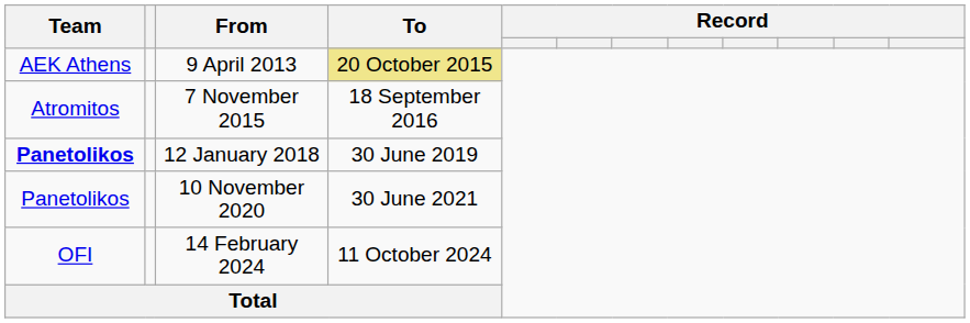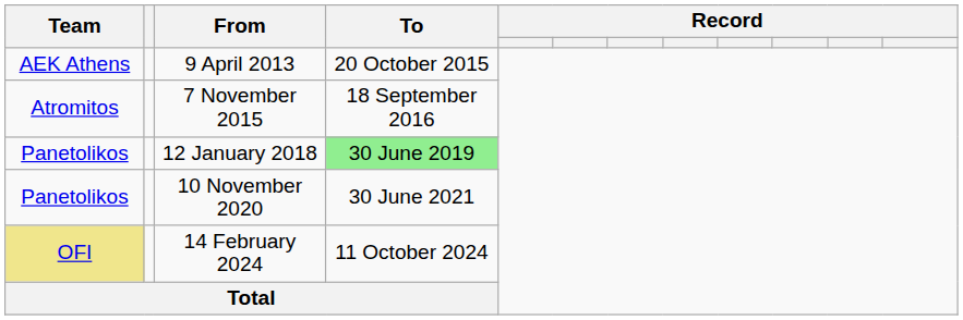 <table class="wikitable" style="text-align: center">
 <tr>
 <th rowspan=2 width="100">Team</th>
 <th rowspan=2></th>
 <th rowspan=2 width="125">From</th>
 <th rowspan=2 width="125">To</th>
 <th colspan=8>Record</th>
 </tr>
 <tr>
 <th width="35"></th>
 <th width="35"></th>
 <th width="35"></th>
 <th width="35"></th>
 <th width="35"></th>
 <th width="35"></th>
 <th width="35"></th>
 <th width="50"></th>
 </tr>
 <tr>
 <td><a href='#'>AEK Athens</a></td>
 <td></td>
 <td>9 April 2013</td>
-<td style="background: khaki;">20 October 2015<br></td>
+<td>20 October 2015<br></td>
 </tr>
 <tr>
 <td><a href='#'>Atromitos</a></td>
 <td></td>
 <td>7 November 2015</td>
 <td>18 September 2016<br></td>
 </tr>
 <tr>
-<td><strong><a href='#'>Panetolikos</a></strong></td>
+<td><a href='#'>Panetolikos</a></td>
 <td></td>
 <td>12 January 2018</td>
-<td>30 June 2019<br></td>
+<td style="background: lightgreen;">30 June 2019<br></td>
 </tr>
 <tr>
 <td><a href='#'>Panetolikos</a></td>
 <td></td>
 <td>10 November 2020</td>
 <td>30 June 2021<br></td>
 </tr>
 <tr>
-<td><a href='#'>OFI</a></td>
+<td style="background: khaki;"><a href='#'>OFI</a></td>
 <td></td>
 <td>14 February 2024</td>
 <td>11 October 2024<br></td>
 </tr>
 <tr>
 <th colspan="4">Total<br></th>
 </tr>
 </table>
